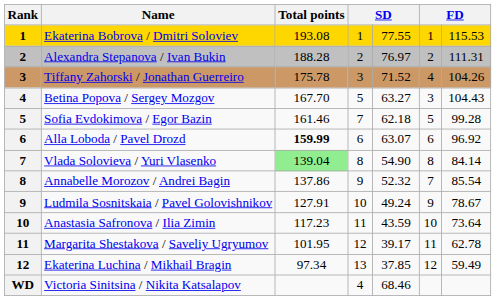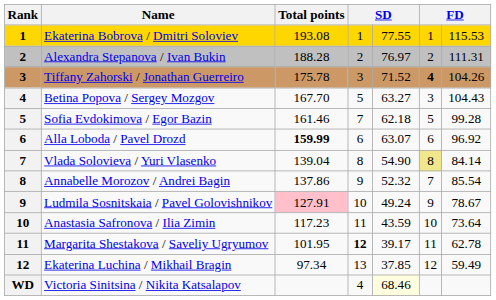 <table class="wikitable sortable">
 <tr>
 <th>Rank</th>
 <th>Name</th>
 <th>Total points</th>
 <th colspan="2" width="80px"><a href='#'>SD</a></th>
 <th colspan="2" width="80px"><a href='#'>FD</a></th>
 </tr>
 <tr bgcolor="gold">
 <td align="center"><strong>1</strong></td>
 <td><a href='#'>Ekaterina Bobrova</a> / <a href='#'>Dmitri Soloviev</a></td>
 <td align="center">193.08</td>
 <td align="center">1</td>
 <td align="center">77.55</td>
 <td align="center">1</td>
 <td align="center">115.53</td>
 </tr>
 <tr bgcolor="silver">
 <td align="center"><strong>2</strong></td>
 <td><a href='#'>Alexandra Stepanova</a> / <a href='#'>Ivan Bukin</a></td>
 <td align="center">188.28</td>
 <td align="center">2</td>
 <td align="center">76.97</td>
 <td align="center">2</td>
 <td align="center">111.31</td>
 </tr>
 <tr bgcolor="cc9966">
 <td align="center"><strong>3</strong></td>
 <td><a href='#'>Tiffany Zahorski</a> / <a href='#'>Jonathan Guerreiro</a></td>
 <td align="center">175.78</td>
 <td align="center">3</td>
 <td align="center">71.52</td>
-<td align="center">4</td>
+<td align="center"><strong>4</strong></td>
 <td align="center">104.26</td>
 </tr>
 <tr>
 <th>4</th>
 <td><a href='#'>Betina Popova</a> / <a href='#'>Sergey Mozgov</a></td>
 <td align="center">167.70</td>
 <td align="center">5</td>
 <td align="center">63.27</td>
 <td align="center">3</td>
 <td align="center">104.43</td>
 </tr>
 <tr>
 <th>5</th>
 <td><a href='#'>Sofia Evdokimova</a> / <a href='#'>Egor Bazin</a></td>
 <td align="center">161.46</td>
 <td align="center">7</td>
 <td align="center">62.18</td>
 <td align="center">5</td>
 <td align="center">99.28</td>
 </tr>
 <tr>
 <th>6</th>
 <td><a href='#'>Alla Loboda</a> / <a href='#'>Pavel Drozd</a></td>
 <td align="center"><strong>159.99</strong></td>
 <td align="center">6</td>
 <td align="center">63.07</td>
 <td align="center">6</td>
 <td align="center">96.92</td>
 </tr>
 <tr>
 <th>7</th>
 <td><a href='#'>Vlada Solovieva</a> / <a href='#'>Yuri Vlasenko</a></td>
-<td align="center" style="background: lightgreen;">139.04</td>
+<td align="center">139.04</td>
 <td align="center">8</td>
 <td align="center">54.90</td>
-<td align="center">8</td>
+<td align="center" style="background: khaki;">8</td>
 <td align="center">84.14</td>
 </tr>
 <tr>
 <th>8</th>
 <td><a href='#'>Annabelle Morozov</a> / <a href='#'>Andrei Bagin</a></td>
 <td align="center">137.86</td>
 <td align="center">9</td>
 <td align="center">52.32</td>
 <td align="center">7</td>
 <td align="center">85.54</td>
 </tr>
 <tr>
 <th>9</th>
 <td><a href='#'>Ludmila Sosnitskaia</a> / <a href='#'>Pavel Golovishnikov</a></td>
-<td align="center">127.91</td>
+<td align="center" style="background: pink;">127.91</td>
 <td align="center">10</td>
 <td align="center">49.24</td>
 <td align="center">9</td>
 <td align="center">78.67</td>
 </tr>
 <tr>
 <th>10</th>
 <td><a href='#'>Anastasia Safronova</a> / <a href='#'>Ilia Zimin</a></td>
 <td align="center">117.23</td>
 <td align="center">11</td>
 <td align="center">43.59</td>
 <td align="center">10</td>
 <td align="center">73.64</td>
 </tr>
 <tr>
 <th>11</th>
 <td><a href='#'>Margarita Shestakova</a> / <a href='#'>Saveliy Ugryumov</a></td>
 <td align="center">101.95</td>
-<td align="center">12</td>
+<td align="center"><strong>12</strong></td>
 <td align="center">39.17</td>
 <td align="center">11</td>
 <td align="center">62.78</td>
 </tr>
 <tr>
 <th>12</th>
 <td><a href='#'>Ekaterina Luchina</a> / <a href='#'>Mikhail Bragin</a></td>
 <td align="center">97.34</td>
 <td align="center">13</td>
 <td align="center">37.85</td>
 <td align="center">12</td>
 <td align="center">59.49</td>
 </tr>
 <tr>
 <th>WD</th>
 <td><a href='#'>Victoria Sinitsina</a> / <a href='#'>Nikita Katsalapov</a></td>
 <td></td>
 <td align="center">4</td>
-<td align="center">68.46</td>
+<td align="center" style="background: lightyellow;">68.46</td>
 <td></td>
 <td></td>
 </tr>
 </table>
